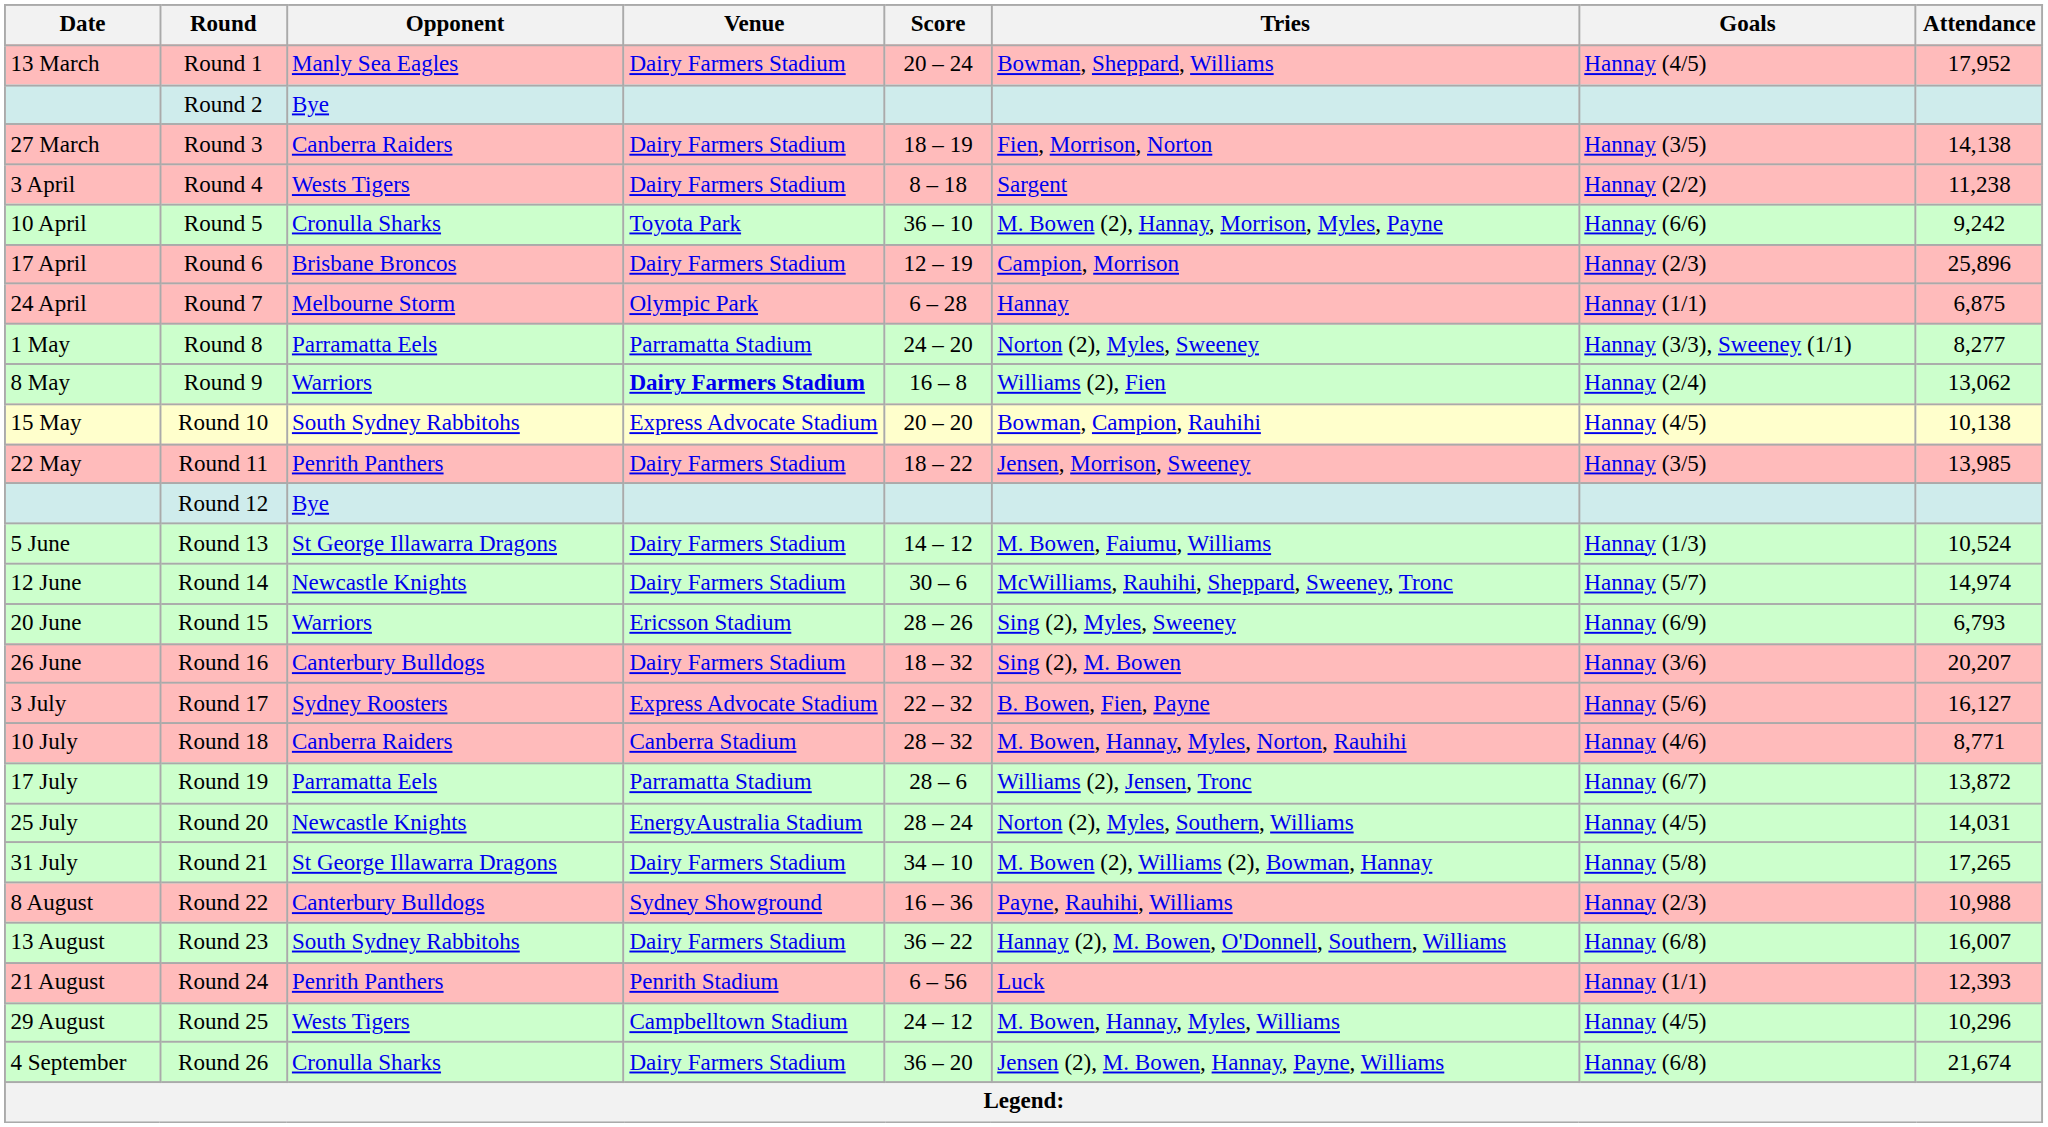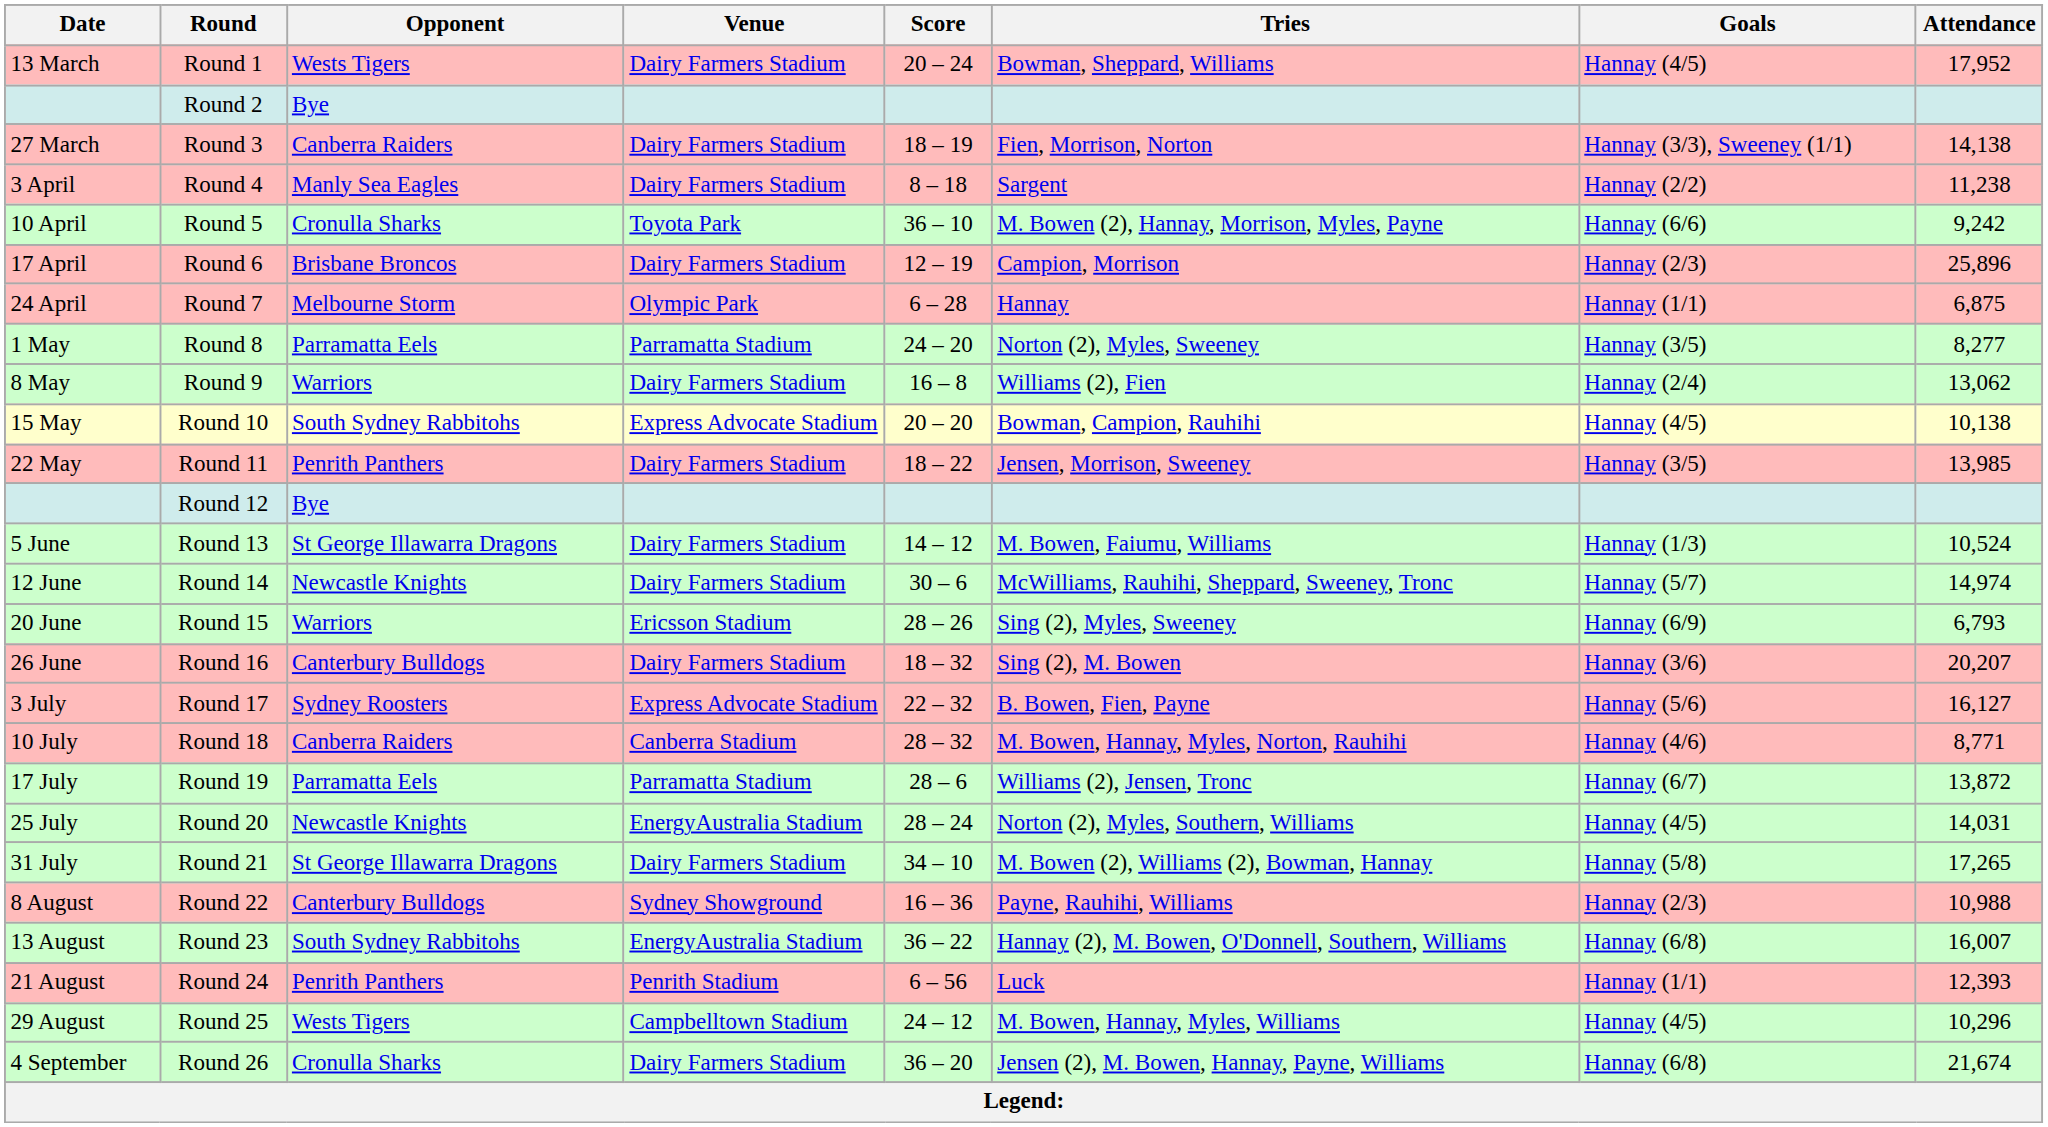 <table class="wikitable" style="font-size:75%;">
 <tr>
 <th style="width:75px;">Date</th>
 <th style="width:60px;">Round</th>
 <th style="width:170px;">Opponent</th>
 <th style="width:130px;">Venue</th>
 <th style="width:50px;">Score</th>
 <th style="width:300px;">Tries</th>
 <th style="width:170px;">Goals</th>
 <th style="width:60px;">Attendance</th>
 </tr>
 <tr style="background:#FFBBBB">
 <td>13 March</td>
 <td style="text-align:center;">Round 1</td>
-<td> <a href='#'>Manly Sea Eagles</a></td>
+<td> <a href='#'>Wests Tigers</a></td>
 <td><a href='#'>Dairy Farmers Stadium</a></td>
 <td style="text-align:center;">20 – 24</td>
 <td><a href='#'>Bowman</a>, <a href='#'>Sheppard</a>, <a href='#'>Williams</a></td>
 <td><a href='#'>Hannay</a> (4/5)</td>
 <td style="text-align:center;">17,952</td>
 </tr>
 <tr style="background:#cfecec;">
 <td></td>
 <td style="text-align:center;">Round 2</td>
 <td><a href='#'>Bye</a></td>
 <td></td>
 <td></td>
 <td></td>
 <td></td>
 <td></td>
 </tr>
 <tr style="background:#FFBBBB">
 <td>27 March</td>
 <td style="text-align:center;">Round 3</td>
 <td> <a href='#'>Canberra Raiders</a></td>
 <td><a href='#'>Dairy Farmers Stadium</a></td>
 <td style="text-align:center;">18 – 19</td>
 <td><a href='#'>Fien</a>, <a href='#'>Morrison</a>, <a href='#'>Norton</a></td>
-<td><a href='#'>Hannay</a> (3/5)</td>
+<td><a href='#'>Hannay</a> (3/3), <a href='#'>Sweeney</a> (1/1)</td>
 <td style="text-align:center;">14,138</td>
 </tr>
 <tr style="background:#FFBBBB">
 <td>3 April</td>
 <td style="text-align:center;">Round 4</td>
-<td> <a href='#'>Wests Tigers</a></td>
+<td> <a href='#'>Manly Sea Eagles</a></td>
 <td><a href='#'>Dairy Farmers Stadium</a></td>
 <td style="text-align:center;">8 – 18</td>
 <td><a href='#'>Sargent</a></td>
 <td><a href='#'>Hannay</a> (2/2)</td>
 <td style="text-align:center;">11,238</td>
 </tr>
 <tr style="background:#CCFFCC">
 <td>10 April</td>
 <td style="text-align:center;">Round 5</td>
 <td> <a href='#'>Cronulla Sharks</a></td>
 <td><a href='#'>Toyota Park</a></td>
 <td style="text-align:center;">36 – 10</td>
 <td><a href='#'>M. Bowen</a> (2), <a href='#'>Hannay</a>, <a href='#'>Morrison</a>, <a href='#'>Myles</a>, <a href='#'>Payne</a></td>
 <td><a href='#'>Hannay</a> (6/6)</td>
 <td style="text-align:center;">9,242</td>
 </tr>
 <tr style="background:#FFBBBB">
 <td>17 April</td>
 <td style="text-align:center;">Round 6</td>
 <td> <a href='#'>Brisbane Broncos</a></td>
 <td><a href='#'>Dairy Farmers Stadium</a></td>
 <td style="text-align:center;">12 – 19</td>
 <td><a href='#'>Campion</a>, <a href='#'>Morrison</a></td>
 <td><a href='#'>Hannay</a> (2/3)</td>
 <td style="text-align:center;">25,896</td>
 </tr>
 <tr style="background:#FFBBBB">
 <td>24 April</td>
 <td style="text-align:center;">Round 7</td>
 <td> <a href='#'>Melbourne Storm</a></td>
 <td><a href='#'>Olympic Park</a></td>
 <td style="text-align:center;">6 – 28</td>
 <td><a href='#'>Hannay</a></td>
 <td><a href='#'>Hannay</a> (1/1)</td>
 <td style="text-align:center;">6,875</td>
 </tr>
 <tr style="background:#CCFFCC">
 <td>1 May</td>
 <td style="text-align:center;">Round 8</td>
 <td> <a href='#'>Parramatta Eels</a></td>
 <td><a href='#'>Parramatta Stadium</a></td>
 <td style="text-align:center;">24 – 20</td>
 <td><a href='#'>Norton</a> (2), <a href='#'>Myles</a>, <a href='#'>Sweeney</a></td>
-<td><a href='#'>Hannay</a> (3/3), <a href='#'>Sweeney</a> (1/1)</td>
+<td><a href='#'>Hannay</a> (3/5)</td>
 <td style="text-align:center;">8,277</td>
 </tr>
 <tr style="background:#CCFFCC">
 <td>8 May</td>
 <td style="text-align:center;">Round 9</td>
 <td> <a href='#'>Warriors</a></td>
-<td><strong><a href='#'>Dairy Farmers Stadium</a></strong></td>
+<td><a href='#'>Dairy Farmers Stadium</a></td>
 <td style="text-align:center;">16 – 8</td>
 <td><a href='#'>Williams</a> (2), <a href='#'>Fien</a></td>
 <td><a href='#'>Hannay</a> (2/4)</td>
 <td style="text-align:center;">13,062</td>
 </tr>
 <tr style="background:#FFFFCC">
 <td>15 May</td>
 <td style="text-align:center;">Round 10</td>
 <td> <a href='#'>South Sydney Rabbitohs</a></td>
 <td><a href='#'>Express Advocate Stadium</a></td>
 <td style="text-align:center;">20 – 20</td>
 <td><a href='#'>Bowman</a>, <a href='#'>Campion</a>, <a href='#'>Rauhihi</a></td>
 <td><a href='#'>Hannay</a> (4/5)</td>
 <td style="text-align:center;">10,138</td>
 </tr>
 <tr style="background:#FFBBBB">
 <td>22 May</td>
 <td style="text-align:center;">Round 11</td>
 <td> <a href='#'>Penrith Panthers</a></td>
 <td><a href='#'>Dairy Farmers Stadium</a></td>
 <td style="text-align:center;">18 – 22</td>
 <td><a href='#'>Jensen</a>, <a href='#'>Morrison</a>, <a href='#'>Sweeney</a></td>
 <td><a href='#'>Hannay</a> (3/5)</td>
 <td style="text-align:center;">13,985</td>
 </tr>
 <tr style="background:#cfecec;">
 <td></td>
 <td style="text-align:center;">Round 12</td>
 <td><a href='#'>Bye</a></td>
 <td></td>
 <td></td>
 <td></td>
 <td></td>
 <td></td>
 </tr>
 <tr style="background:#CCFFCC">
 <td>5 June</td>
 <td style="text-align:center;">Round 13</td>
 <td> <a href='#'>St George Illawarra Dragons</a></td>
 <td><a href='#'>Dairy Farmers Stadium</a></td>
 <td style="text-align:center;">14 – 12</td>
 <td><a href='#'>M. Bowen</a>, <a href='#'>Faiumu</a>, <a href='#'>Williams</a></td>
 <td><a href='#'>Hannay</a> (1/3)</td>
 <td style="text-align:center;">10,524</td>
 </tr>
 <tr style="background:#CCFFCC">
 <td>12 June</td>
 <td style="text-align:center;">Round 14</td>
 <td> <a href='#'>Newcastle Knights</a></td>
 <td><a href='#'>Dairy Farmers Stadium</a></td>
 <td style="text-align:center;">30 – 6</td>
 <td><a href='#'>McWilliams</a>, <a href='#'>Rauhihi</a>, <a href='#'>Sheppard</a>, <a href='#'>Sweeney</a>, <a href='#'>Tronc</a></td>
 <td><a href='#'>Hannay</a> (5/7)</td>
 <td style="text-align:center;">14,974</td>
 </tr>
 <tr style="background:#CCFFCC">
 <td>20 June</td>
 <td style="text-align:center;">Round 15</td>
 <td> <a href='#'>Warriors</a></td>
 <td><a href='#'>Ericsson Stadium</a></td>
 <td style="text-align:center;">28 – 26</td>
 <td><a href='#'>Sing</a> (2), <a href='#'>Myles</a>, <a href='#'>Sweeney</a></td>
 <td><a href='#'>Hannay</a> (6/9)</td>
 <td style="text-align:center;">6,793</td>
 </tr>
 <tr style="background:#FFBBBB">
 <td>26 June</td>
 <td style="text-align:center;">Round 16</td>
 <td> <a href='#'>Canterbury Bulldogs</a></td>
 <td><a href='#'>Dairy Farmers Stadium</a></td>
 <td style="text-align:center;">18 – 32</td>
 <td><a href='#'>Sing</a> (2), <a href='#'>M. Bowen</a></td>
 <td><a href='#'>Hannay</a> (3/6)</td>
 <td style="text-align:center;">20,207</td>
 </tr>
 <tr style="background:#FFBBBB">
 <td>3 July</td>
 <td style="text-align:center;">Round 17</td>
 <td> <a href='#'>Sydney Roosters</a></td>
 <td><a href='#'>Express Advocate Stadium</a></td>
 <td style="text-align:center;">22 – 32</td>
 <td><a href='#'>B. Bowen</a>, <a href='#'>Fien</a>, <a href='#'>Payne</a></td>
 <td><a href='#'>Hannay</a> (5/6)</td>
 <td style="text-align:center;">16,127</td>
 </tr>
 <tr style="background:#FFBBBB">
 <td>10 July</td>
 <td style="text-align:center;">Round 18</td>
 <td> <a href='#'>Canberra Raiders</a></td>
 <td><a href='#'>Canberra Stadium</a></td>
 <td style="text-align:center;">28 – 32</td>
 <td><a href='#'>M. Bowen</a>, <a href='#'>Hannay</a>, <a href='#'>Myles</a>, <a href='#'>Norton</a>, <a href='#'>Rauhihi</a></td>
 <td><a href='#'>Hannay</a> (4/6)</td>
 <td style="text-align:center;">8,771</td>
 </tr>
 <tr style="background:#CCFFCC">
 <td>17 July</td>
 <td style="text-align:center;">Round 19</td>
 <td> <a href='#'>Parramatta Eels</a></td>
 <td><a href='#'>Parramatta Stadium</a></td>
 <td style="text-align:center;">28 – 6</td>
 <td><a href='#'>Williams</a> (2), <a href='#'>Jensen</a>, <a href='#'>Tronc</a></td>
 <td><a href='#'>Hannay</a> (6/7)</td>
 <td style="text-align:center;">13,872</td>
 </tr>
 <tr style="background:#CCFFCC">
 <td>25 July</td>
 <td style="text-align:center;">Round 20</td>
 <td> <a href='#'>Newcastle Knights</a></td>
 <td><a href='#'>EnergyAustralia Stadium</a></td>
 <td style="text-align:center;">28 – 24</td>
 <td><a href='#'>Norton</a> (2), <a href='#'>Myles</a>, <a href='#'>Southern</a>, <a href='#'>Williams</a></td>
 <td><a href='#'>Hannay</a> (4/5)</td>
 <td style="text-align:center;">14,031</td>
 </tr>
 <tr style="background:#CCFFCC">
 <td>31 July</td>
 <td style="text-align:center;">Round 21</td>
 <td> <a href='#'>St George Illawarra Dragons</a></td>
 <td><a href='#'>Dairy Farmers Stadium</a></td>
 <td style="text-align:center;">34 – 10</td>
 <td><a href='#'>M. Bowen</a> (2), <a href='#'>Williams</a> (2), <a href='#'>Bowman</a>, <a href='#'>Hannay</a></td>
 <td><a href='#'>Hannay</a> (5/8)</td>
 <td style="text-align:center;">17,265</td>
 </tr>
 <tr style="background:#FFBBBB">
 <td>8 August</td>
 <td style="text-align:center;">Round 22</td>
 <td> <a href='#'>Canterbury Bulldogs</a></td>
 <td><a href='#'>Sydney Showground</a></td>
 <td style="text-align:center;">16 – 36</td>
 <td><a href='#'>Payne</a>, <a href='#'>Rauhihi</a>, <a href='#'>Williams</a></td>
 <td><a href='#'>Hannay</a> (2/3)</td>
 <td style="text-align:center;">10,988</td>
 </tr>
 <tr style="background:#CCFFCC">
 <td>13 August</td>
 <td style="text-align:center;">Round 23</td>
 <td> <a href='#'>South Sydney Rabbitohs</a></td>
-<td><a href='#'>Dairy Farmers Stadium</a></td>
+<td><a href='#'>EnergyAustralia Stadium</a></td>
 <td style="text-align:center;">36 – 22</td>
 <td><a href='#'>Hannay</a> (2), <a href='#'>M. Bowen</a>, <a href='#'>O'Donnell</a>, <a href='#'>Southern</a>, <a href='#'>Williams</a></td>
 <td><a href='#'>Hannay</a> (6/8)</td>
 <td style="text-align:center;">16,007</td>
 </tr>
 <tr style="background:#FFBBBB">
 <td>21 August</td>
 <td style="text-align:center;">Round 24</td>
 <td> <a href='#'>Penrith Panthers</a></td>
 <td><a href='#'>Penrith Stadium</a></td>
 <td style="text-align:center;">6 – 56</td>
 <td><a href='#'>Luck</a></td>
 <td><a href='#'>Hannay</a> (1/1)</td>
 <td style="text-align:center;">12,393</td>
 </tr>
 <tr style="background:#CCFFCC">
 <td>29 August</td>
 <td style="text-align:center;">Round 25</td>
 <td> <a href='#'>Wests Tigers</a></td>
 <td><a href='#'>Campbelltown Stadium</a></td>
 <td style="text-align:center;">24 – 12</td>
 <td><a href='#'>M. Bowen</a>, <a href='#'>Hannay</a>, <a href='#'>Myles</a>, <a href='#'>Williams</a></td>
 <td><a href='#'>Hannay</a> (4/5)</td>
 <td style="text-align:center;">10,296</td>
 </tr>
 <tr style="background:#CCFFCC">
 <td>4 September</td>
 <td style="text-align:center;">Round 26</td>
 <td> <a href='#'>Cronulla Sharks</a></td>
 <td><a href='#'>Dairy Farmers Stadium</a></td>
 <td style="text-align:center;">36 – 20</td>
 <td><a href='#'>Jensen</a> (2), <a href='#'>M. Bowen</a>, <a href='#'>Hannay</a>, <a href='#'>Payne</a>, <a href='#'>Williams</a></td>
 <td><a href='#'>Hannay</a> (6/8)</td>
 <td style="text-align:center;">21,674</td>
 </tr>
 <tr>
 <th colspan="11"><strong>Legend</strong>:    </th>
 </tr>
 </table>
